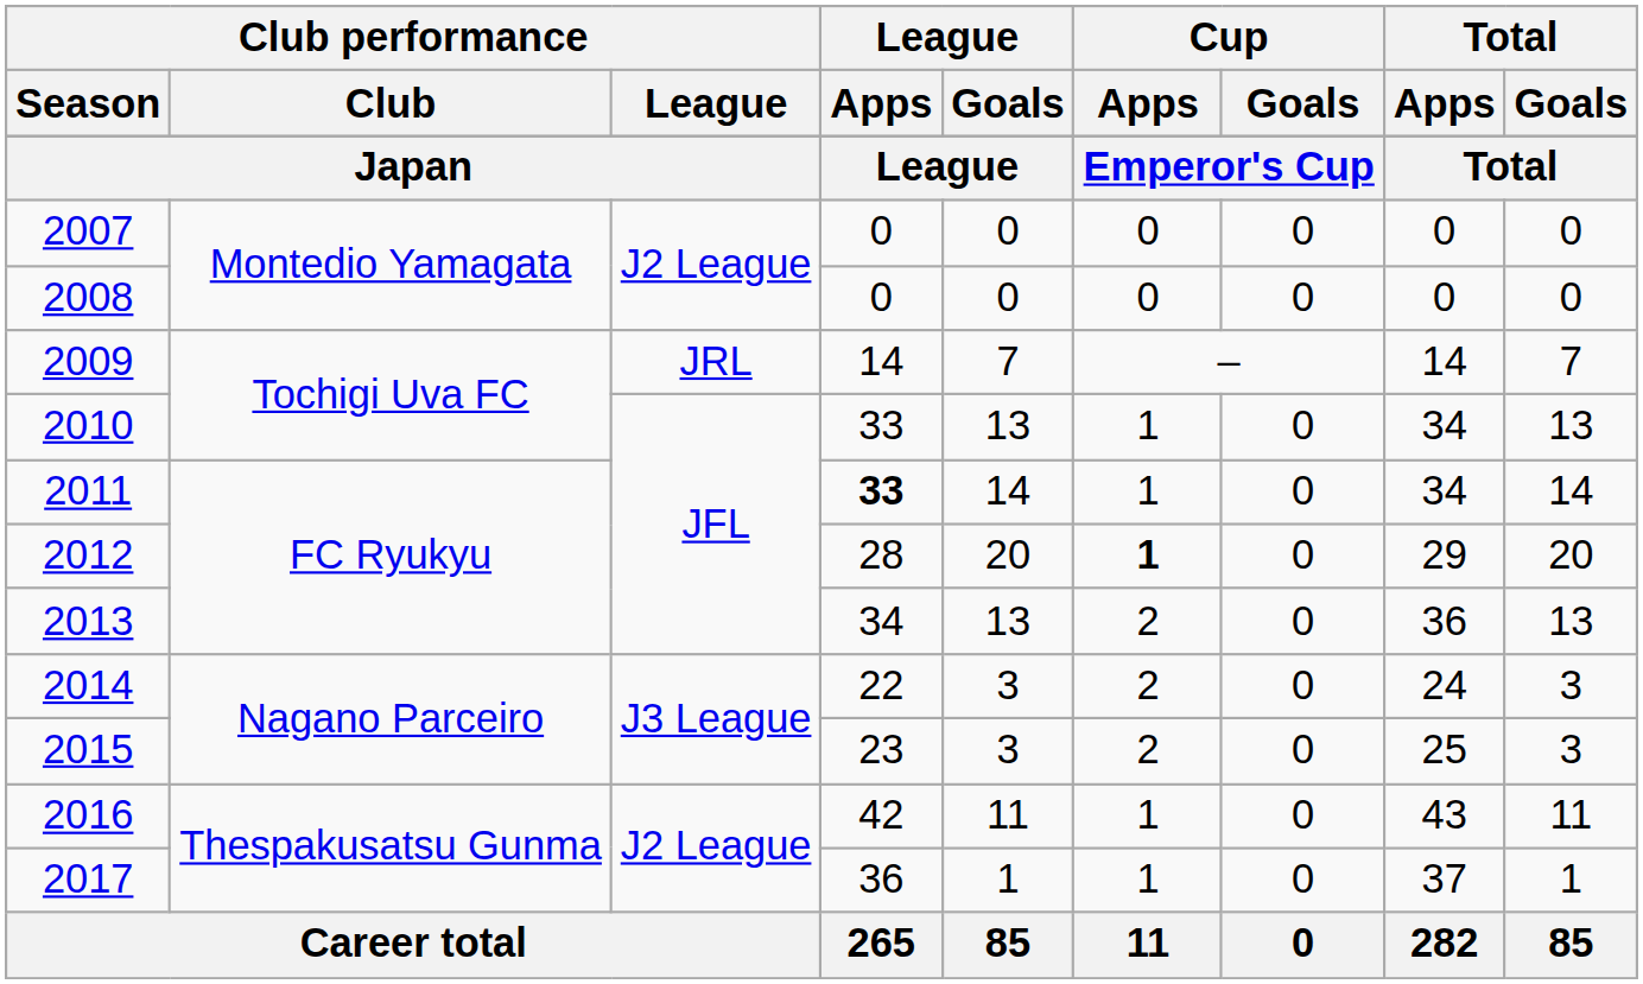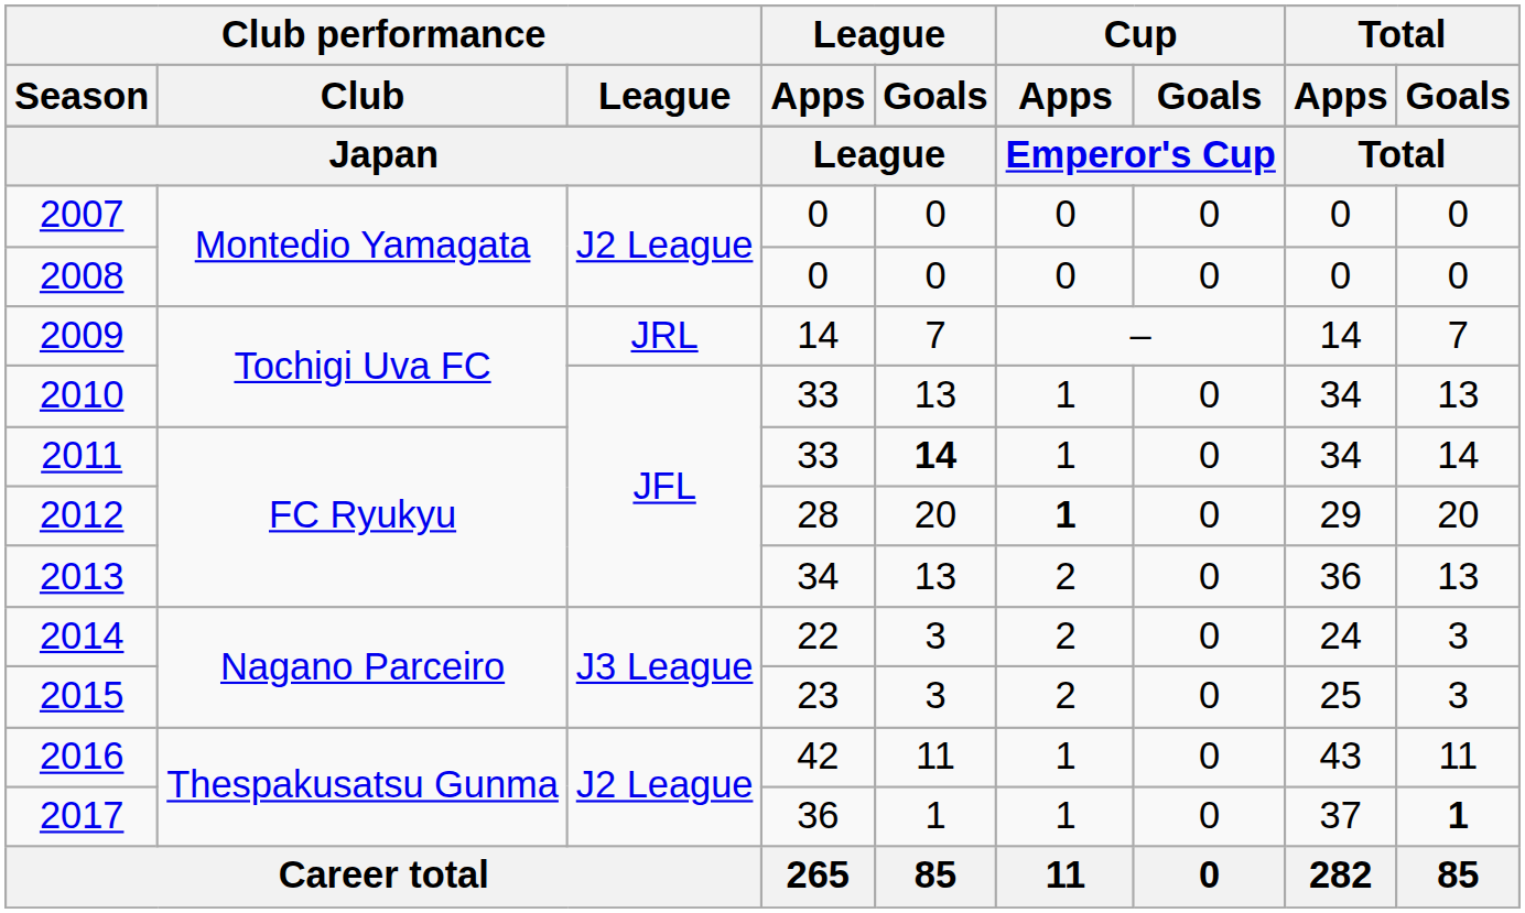 <table class="wikitable" style="text-align:center">
 <tr>
 <th colspan=3>Club performance</th>
 <th colspan=2>League</th>
 <th colspan=2>Cup</th>
 <th colspan=2>Total</th>
 </tr>
 <tr>
 <th>Season</th>
 <th>Club</th>
 <th>League</th>
 <th>Apps</th>
 <th>Goals</th>
 <th>Apps</th>
 <th>Goals</th>
 <th>Apps</th>
 <th>Goals</th>
 </tr>
 <tr>
 </tr>
 <tr>
 <th colspan=3>Japan</th>
 <th colspan=2>League</th>
 <th colspan=2><a href='#'>Emperor's Cup</a></th>
 <th colspan=2>Total</th>
 </tr>
 <tr>
 <td><a href='#'>2007</a></td>
 <td rowspan="2"><a href='#'>Montedio Yamagata</a></td>
 <td rowspan="2"><a href='#'>J2 League</a></td>
 <td>0</td>
 <td>0</td>
 <td>0</td>
 <td>0</td>
 <td>0</td>
 <td>0</td>
 </tr>
 <tr>
 <td><a href='#'>2008</a></td>
 <td>0</td>
 <td>0</td>
 <td>0</td>
 <td>0</td>
 <td>0</td>
 <td>0</td>
 </tr>
 <tr>
 <td><a href='#'>2009</a></td>
 <td rowspan="2"><a href='#'>Tochigi Uva FC</a></td>
 <td rowspan="1"><a href='#'>JRL</a></td>
 <td>14</td>
 <td>7</td>
 <td colspan="2">–</td>
 <td>14</td>
 <td>7</td>
 </tr>
 <tr>
 <td><a href='#'>2010</a></td>
 <td rowspan="4"><a href='#'>JFL</a></td>
 <td>33</td>
 <td>13</td>
 <td>1</td>
 <td>0</td>
 <td>34</td>
 <td>13</td>
 </tr>
 <tr>
 <td><a href='#'>2011</a></td>
 <td rowspan="3"><a href='#'>FC Ryukyu</a></td>
-<td><strong>33</strong></td>
-<td>14</td>
+<td>33</td>
+<td><strong>14</strong></td>
 <td>1</td>
 <td>0</td>
 <td>34</td>
 <td>14</td>
 </tr>
 <tr>
 <td><a href='#'>2012</a></td>
 <td>28</td>
 <td>20</td>
 <td><strong>1</strong></td>
 <td>0</td>
 <td>29</td>
 <td>20</td>
 </tr>
 <tr>
 <td><a href='#'>2013</a></td>
 <td>34</td>
 <td>13</td>
 <td>2</td>
 <td>0</td>
 <td>36</td>
 <td>13</td>
 </tr>
 <tr>
 <td><a href='#'>2014</a></td>
 <td rowspan="2"><a href='#'>Nagano Parceiro</a></td>
 <td rowspan="2"><a href='#'>J3 League</a></td>
 <td>22</td>
 <td>3</td>
 <td>2</td>
 <td>0</td>
 <td>24</td>
 <td>3</td>
 </tr>
 <tr>
 <td><a href='#'>2015</a></td>
 <td>23</td>
 <td>3</td>
 <td>2</td>
 <td>0</td>
 <td>25</td>
 <td>3</td>
 </tr>
 <tr>
 <td><a href='#'>2016</a></td>
 <td rowspan="2"><a href='#'>Thespakusatsu Gunma</a></td>
 <td rowspan="2"><a href='#'>J2 League</a></td>
 <td>42</td>
 <td>11</td>
 <td>1</td>
 <td>0</td>
 <td>43</td>
 <td>11</td>
 </tr>
 <tr>
 <td><a href='#'>2017</a></td>
 <td>36</td>
 <td>1</td>
 <td>1</td>
 <td>0</td>
 <td>37</td>
-<td>1</td>
+<td><strong>1</strong></td>
 </tr>
 <tr>
 <th colspan=3>Career total</th>
 <th>265</th>
 <th>85</th>
 <th>11</th>
 <th>0</th>
 <th>282</th>
 <th>85</th>
 </tr>
 </table>
